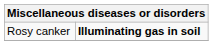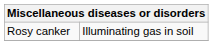 <table class="wikitable" style="clear">
 <tr>
 <th colspan=2><strong>Miscellaneous diseases or disorders</strong></th>
 </tr>
 <tr>
 <td>Rosy canker</td>
-<td><strong>Illuminating gas in soil</strong></td>
+<td>Illuminating gas in soil</td>
 </tr>
 <tr>
 </tr>
 </table>
